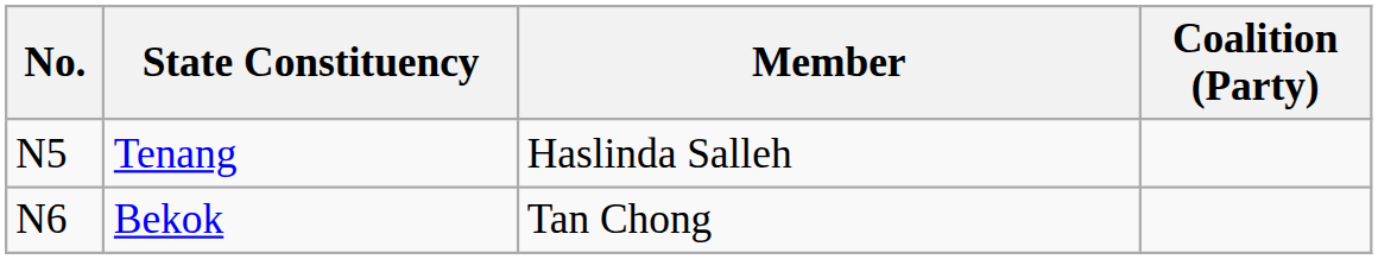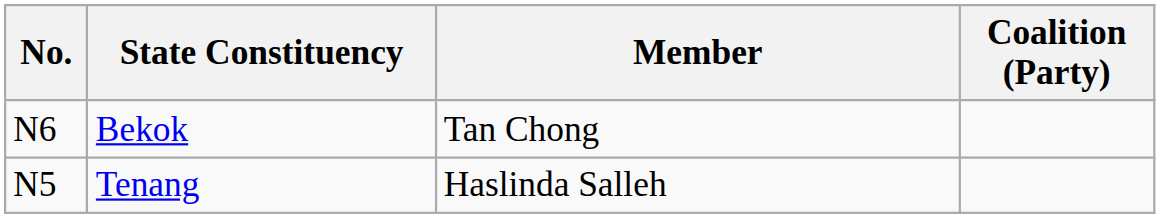 <table class="wikitable sortable">
 <tr>
 <th width="30">No.</th>
 <th width="150">State Constituency</th>
 <th width="230">Member</th>
 <th width="80">Coalition (Party)</th>
 </tr>
 <tr>
+<td>N6</td>
+<td><a href='#'>Bekok</a></td>
+<td>Tan Chong</td>
+<td></td>
+</tr>
+<tr>
 <td>N5</td>
 <td><a href='#'>Tenang</a></td>
 <td>Haslinda Salleh</td>
 <td></td>
 </tr>
-<tr>
-<td>N6</td>
-<td><a href='#'>Bekok</a></td>
-<td>Tan Chong</td>
-<td></td>
-</tr>
 </table>
